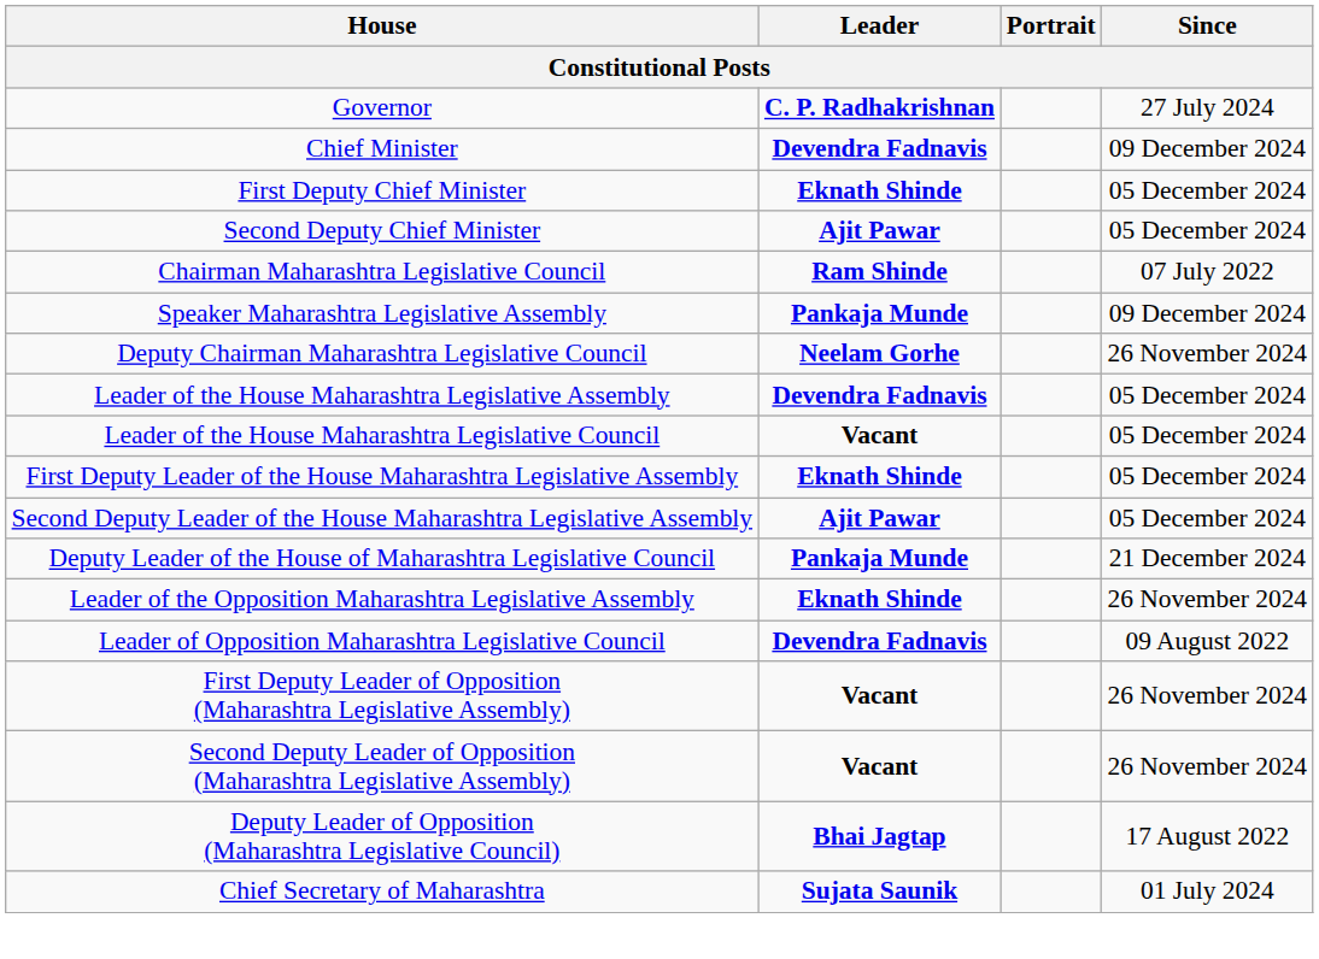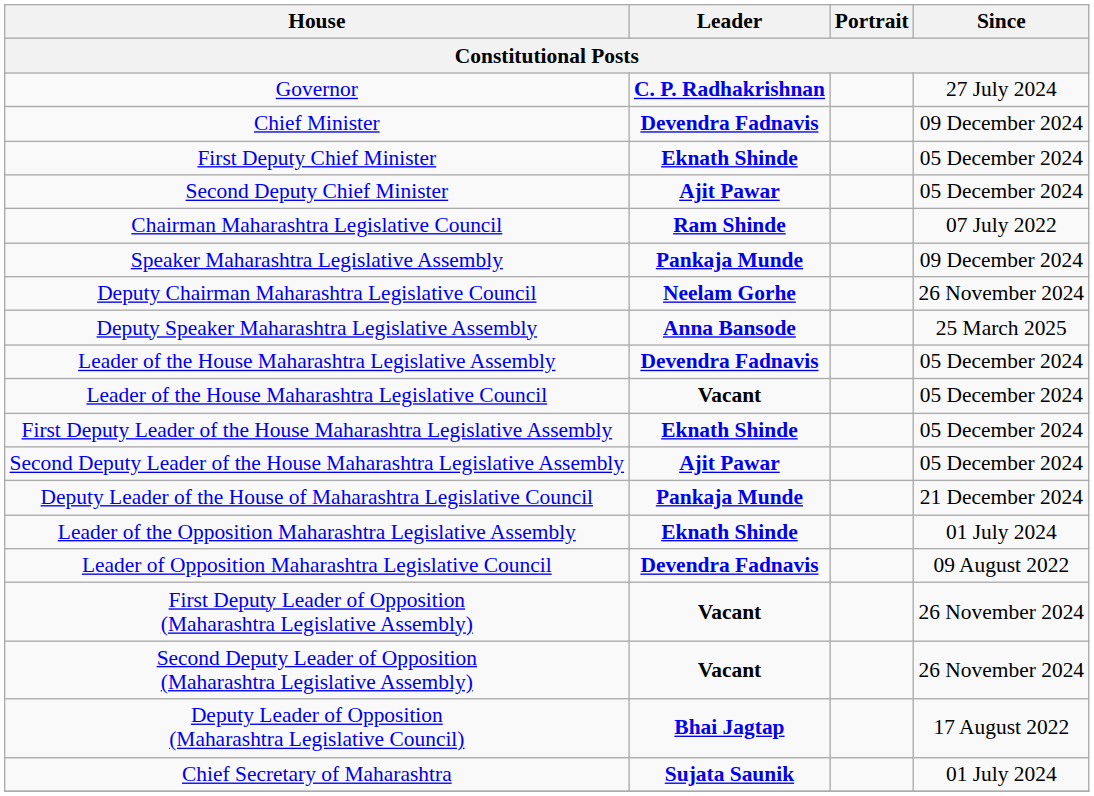 <table class="wikitable" style="text-align:center">
 <tr>
 <th Style="background-color:">House</th>
 <th Style="background-color:">Leader</th>
 <th Style="background-color:">Portrait</th>
 <th Style="background-color:">Since</th>
 </tr>
 <tr>
 <th colspan=4>Constitutional Posts</th>
 </tr>
 <tr>
 <td><a href='#'>Governor</a></td>
 <td><strong><a href='#'>C. P. Radhakrishnan</a></strong></td>
 <td></td>
 <td>27 July 2024</td>
 </tr>
 <tr>
 <td><a href='#'>Chief Minister</a></td>
 <td><strong><a href='#'>Devendra Fadnavis</a></strong></td>
 <td></td>
 <td>09 December 2024</td>
 </tr>
 <tr>
 <td><a href='#'>First Deputy Chief Minister</a></td>
 <td><strong><a href='#'>Eknath Shinde</a></strong> </td>
 <td></td>
 <td>05 December 2024</td>
 </tr>
 <tr>
 <td><a href='#'>Second Deputy Chief Minister</a></td>
 <td><strong><a href='#'>Ajit Pawar</a></strong> </td>
 <td></td>
 <td>05 December 2024</td>
 </tr>
 <tr>
 <td><a href='#'>Chairman Maharashtra Legislative Council</a></td>
 <td><strong><a href='#'>Ram Shinde</a></strong></td>
 <td></td>
 <td>07 July 2022</td>
 </tr>
 <tr>
 <td><a href='#'>Speaker Maharashtra Legislative Assembly</a></td>
 <td><strong><a href='#'>Pankaja Munde</a></strong></td>
 <td></td>
 <td>09 December 2024</td>
 </tr>
 <tr>
 <td><a href='#'>Deputy Chairman Maharashtra Legislative Council</a></td>
 <td><strong><a href='#'>Neelam Gorhe</a></strong></td>
 <td></td>
 <td>26 November 2024</td>
 </tr>
 <tr>
+<td><a href='#'>Deputy Speaker Maharashtra Legislative Assembly</a></td>
+<td><strong><a href='#'>Anna Bansode</a></strong></td>
+<td></td>
+<td>25 March 2025</td>
+</tr>
+<tr>
 <td><a href='#'>Leader of the House Maharashtra Legislative Assembly</a></td>
 <td><strong><a href='#'>Devendra Fadnavis</a></strong></td>
 <td></td>
 <td>05 December 2024</td>
 </tr>
 <tr>
 <td><a href='#'>Leader of the House Maharashtra Legislative Council</a></td>
 <td><strong>Vacant</strong></td>
 <td></td>
 <td>05 December 2024</td>
 </tr>
 <tr>
 <td><a href='#'>First Deputy Leader of the House Maharashtra Legislative Assembly</a></td>
 <td><strong><a href='#'>Eknath Shinde</a></strong></td>
 <td></td>
 <td>05 December 2024</td>
 </tr>
 <tr>
 <td><a href='#'>Second Deputy Leader of the House Maharashtra Legislative Assembly</a></td>
 <td><strong><a href='#'>Ajit Pawar</a></strong></td>
 <td></td>
 <td>05 December 2024</td>
 </tr>
 <tr>
 <td><a href='#'>Deputy Leader of the House of Maharashtra Legislative Council</a></td>
 <td><strong><a href='#'>Pankaja Munde</a></strong></td>
 <td></td>
 <td>21 December 2024</td>
 </tr>
 <tr>
 <td><a href='#'>Leader of the Opposition Maharashtra Legislative Assembly</a></td>
 <td><strong><a href='#'>Eknath Shinde</a></strong></td>
 <td></td>
-<td>26 November 2024</td>
+<td>01 July 2024</td>
 </tr>
 <tr>
 <td><a href='#'>Leader of Opposition Maharashtra Legislative Council</a></td>
 <td><strong><a href='#'>Devendra Fadnavis</a></strong></td>
 <td></td>
 <td>09 August 2022</td>
 </tr>
 <tr>
 <td><a href='#'>First Deputy Leader of Opposition<br> (Maharashtra Legislative Assembly)</a></td>
 <td><strong>Vacant</strong></td>
 <td></td>
 <td>26 November 2024</td>
 </tr>
 <tr>
 <td><a href='#'>Second Deputy Leader of Opposition<br> (Maharashtra Legislative Assembly)</a></td>
 <td><strong>Vacant</strong></td>
 <td></td>
 <td>26 November 2024</td>
 </tr>
 <tr>
 <td><a href='#'>Deputy Leader of Opposition<br> (Maharashtra Legislative Council)</a></td>
 <td><strong><a href='#'>Bhai Jagtap</a></strong></td>
 <td></td>
 <td>17 August 2022</td>
 </tr>
 <tr>
 <td><a href='#'>Chief Secretary of Maharashtra</a></td>
 <td><strong><a href='#'>Sujata Saunik</a></strong></td>
 <td></td>
 <td>01 July 2024</td>
 </tr>
 <tr>
 </tr>
 </table>
